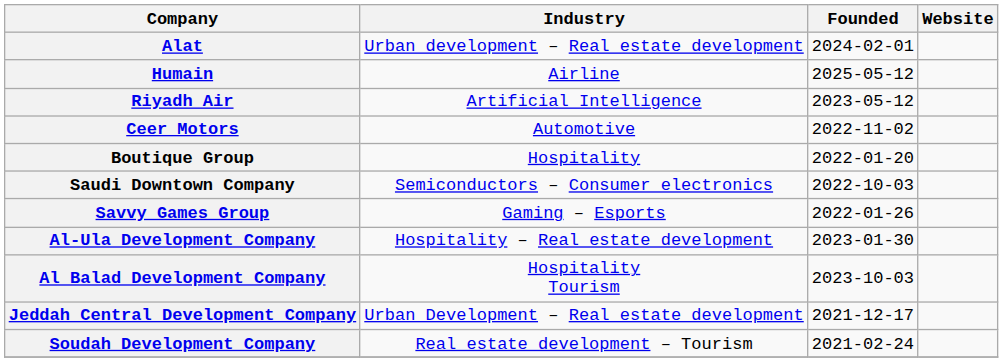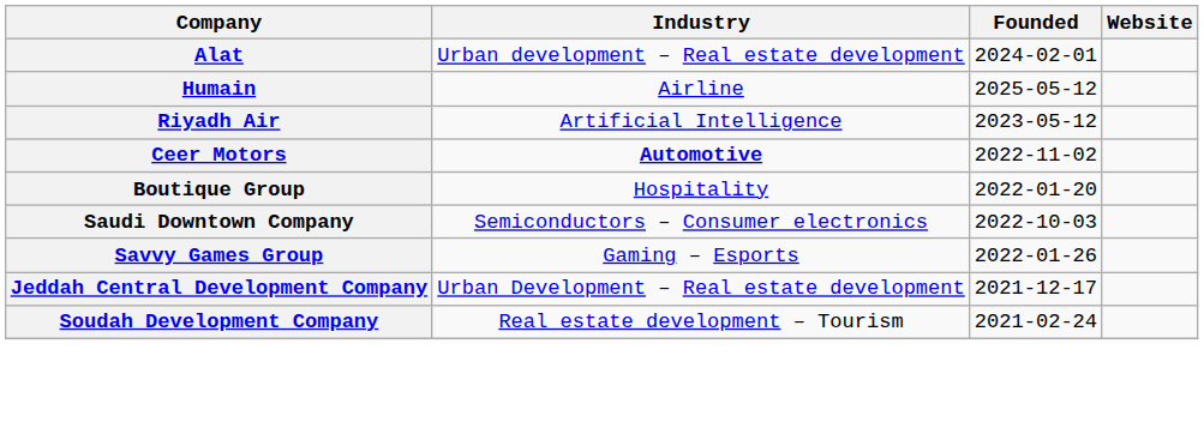 <table class="wikitable sortable" style="text-align:center;">
 <tr>
 <th>Company</th>
 <th>Industry</th>
 <th>Founded</th>
 <th>Website</th>
 </tr>
 <tr>
 <th><a href='#'>Alat</a></th>
 <td><a href='#'>Urban development</a> – <a href='#'>Real estate development</a></td>
 <td>2024-02-01</td>
 <td></td>
 </tr>
 <tr>
 <th><a href='#'>Humain</a></th>
 <td><a href='#'>Airline</a></td>
 <td>2025-05-12</td>
 <td></td>
 </tr>
 <tr>
 <th><a href='#'>Riyadh Air</a></th>
 <td><a href='#'>Artificial Intelligence</a></td>
 <td>2023-05-12</td>
 <td></td>
 </tr>
 <tr>
 <th><a href='#'>Ceer Motors</a></th>
-<td><a href='#'>Automotive</a></td>
+<td><strong><a href='#'>Automotive</a></strong></td>
 <td>2022-11-02</td>
 <td></td>
 </tr>
 <tr>
 <th>Boutique Group</th>
 <td><a href='#'>Hospitality</a></td>
 <td>2022-01-20</td>
 <td></td>
 </tr>
 <tr>
 <th>Saudi Downtown Company</th>
 <td><a href='#'>Semiconductors</a> – <a href='#'>Consumer electronics</a></td>
 <td>2022-10-03</td>
 <td></td>
 </tr>
 <tr>
 <th><a href='#'>Savvy Games Group</a></th>
 <td><a href='#'>Gaming</a> – <a href='#'>Esports</a></td>
 <td>2022-01-26</td>
 <td></td>
 </tr>
 <tr>
-<th><a href='#'>Al-Ula Development Company</a></th>
-<td><a href='#'>Hospitality</a> – <a href='#'>Real estate development</a></td>
-<td>2023-01-30</td>
-<td></td>
-</tr>
-<tr>
-<th><a href='#'>Al Balad Development Company</a></th>
-<td><a href='#'>Hospitality</a><br><a href='#'>Tourism</a></td>
-<td>2023-10-03</td>
-<td></td>
-</tr>
-<tr>
 <th><a href='#'>Jeddah Central Development Company</a></th>
 <td><a href='#'>Urban Development</a> – <a href='#'>Real estate development</a></td>
 <td>2021-12-17</td>
 <td></td>
 </tr>
 <tr>
 <th><a href='#'>Soudah Development Company</a></th>
 <td><a href='#'>Real estate development</a> – Tourism</td>
 <td>2021-02-24</td>
 <td></td>
 </tr>
 <tr>
 </tr>
 </table>
